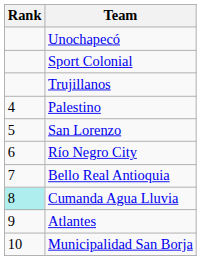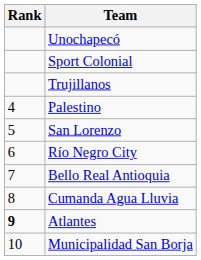 <table class="wikitable">
 <tr>
 <th>Rank</th>
 <th>Team</th>
 </tr>
 <tr>
 <td></td>
 <td> <a href='#'>Unochapecó</a></td>
 </tr>
 <tr>
 <td></td>
 <td> <a href='#'>Sport Colonial</a></td>
 </tr>
 <tr>
 <td></td>
 <td> <a href='#'>Trujillanos</a></td>
 </tr>
 <tr>
 <td>4</td>
 <td> <a href='#'>Palestino</a></td>
 </tr>
 <tr>
 <td>5</td>
 <td> <a href='#'>San Lorenzo</a></td>
 </tr>
 <tr>
 <td>6</td>
 <td> <a href='#'>Río Negro City</a></td>
 </tr>
 <tr>
 <td>7</td>
 <td> <a href='#'>Bello Real Antioquia</a></td>
 </tr>
 <tr>
-<td style="background: paleturquoise;">8</td>
+<td>8</td>
 <td> <a href='#'>Cumanda Agua Lluvia</a></td>
 </tr>
 <tr>
-<td>9</td>
+<td><strong>9</strong></td>
 <td> <a href='#'>Atlantes</a></td>
 </tr>
 <tr>
 <td>10</td>
 <td> <a href='#'>Municipalidad San Borja</a></td>
 </tr>
 </table>
